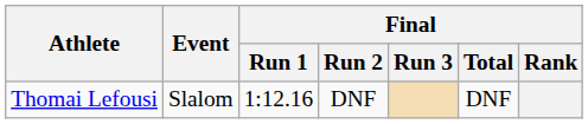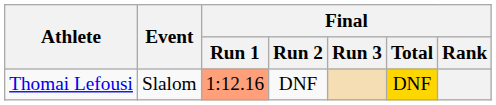 <table class="wikitable" style="font-size:90%">
 <tr>
 <th rowspan="2">Athlete</th>
 <th rowspan="2">Event</th>
 <th colspan="5">Final</th>
 </tr>
 <tr>
 <th>Run 1</th>
 <th>Run 2</th>
 <th>Run 3</th>
 <th>Total</th>
 <th>Rank</th>
 </tr>
 <tr>
 <td><a href='#'>Thomai Lefousi</a></td>
 <td>Slalom</td>
-<td align="center">1:12.16</td>
+<td align="center" style="background: lightsalmon;">1:12.16</td>
 <td align="center">DNF</td>
 <td bgcolor="wheat"></td>
-<td align="center">DNF</td>
+<td align="center" style="background: gold;">DNF</td>
 <th align="center"></th>
 </tr>
 </table>
